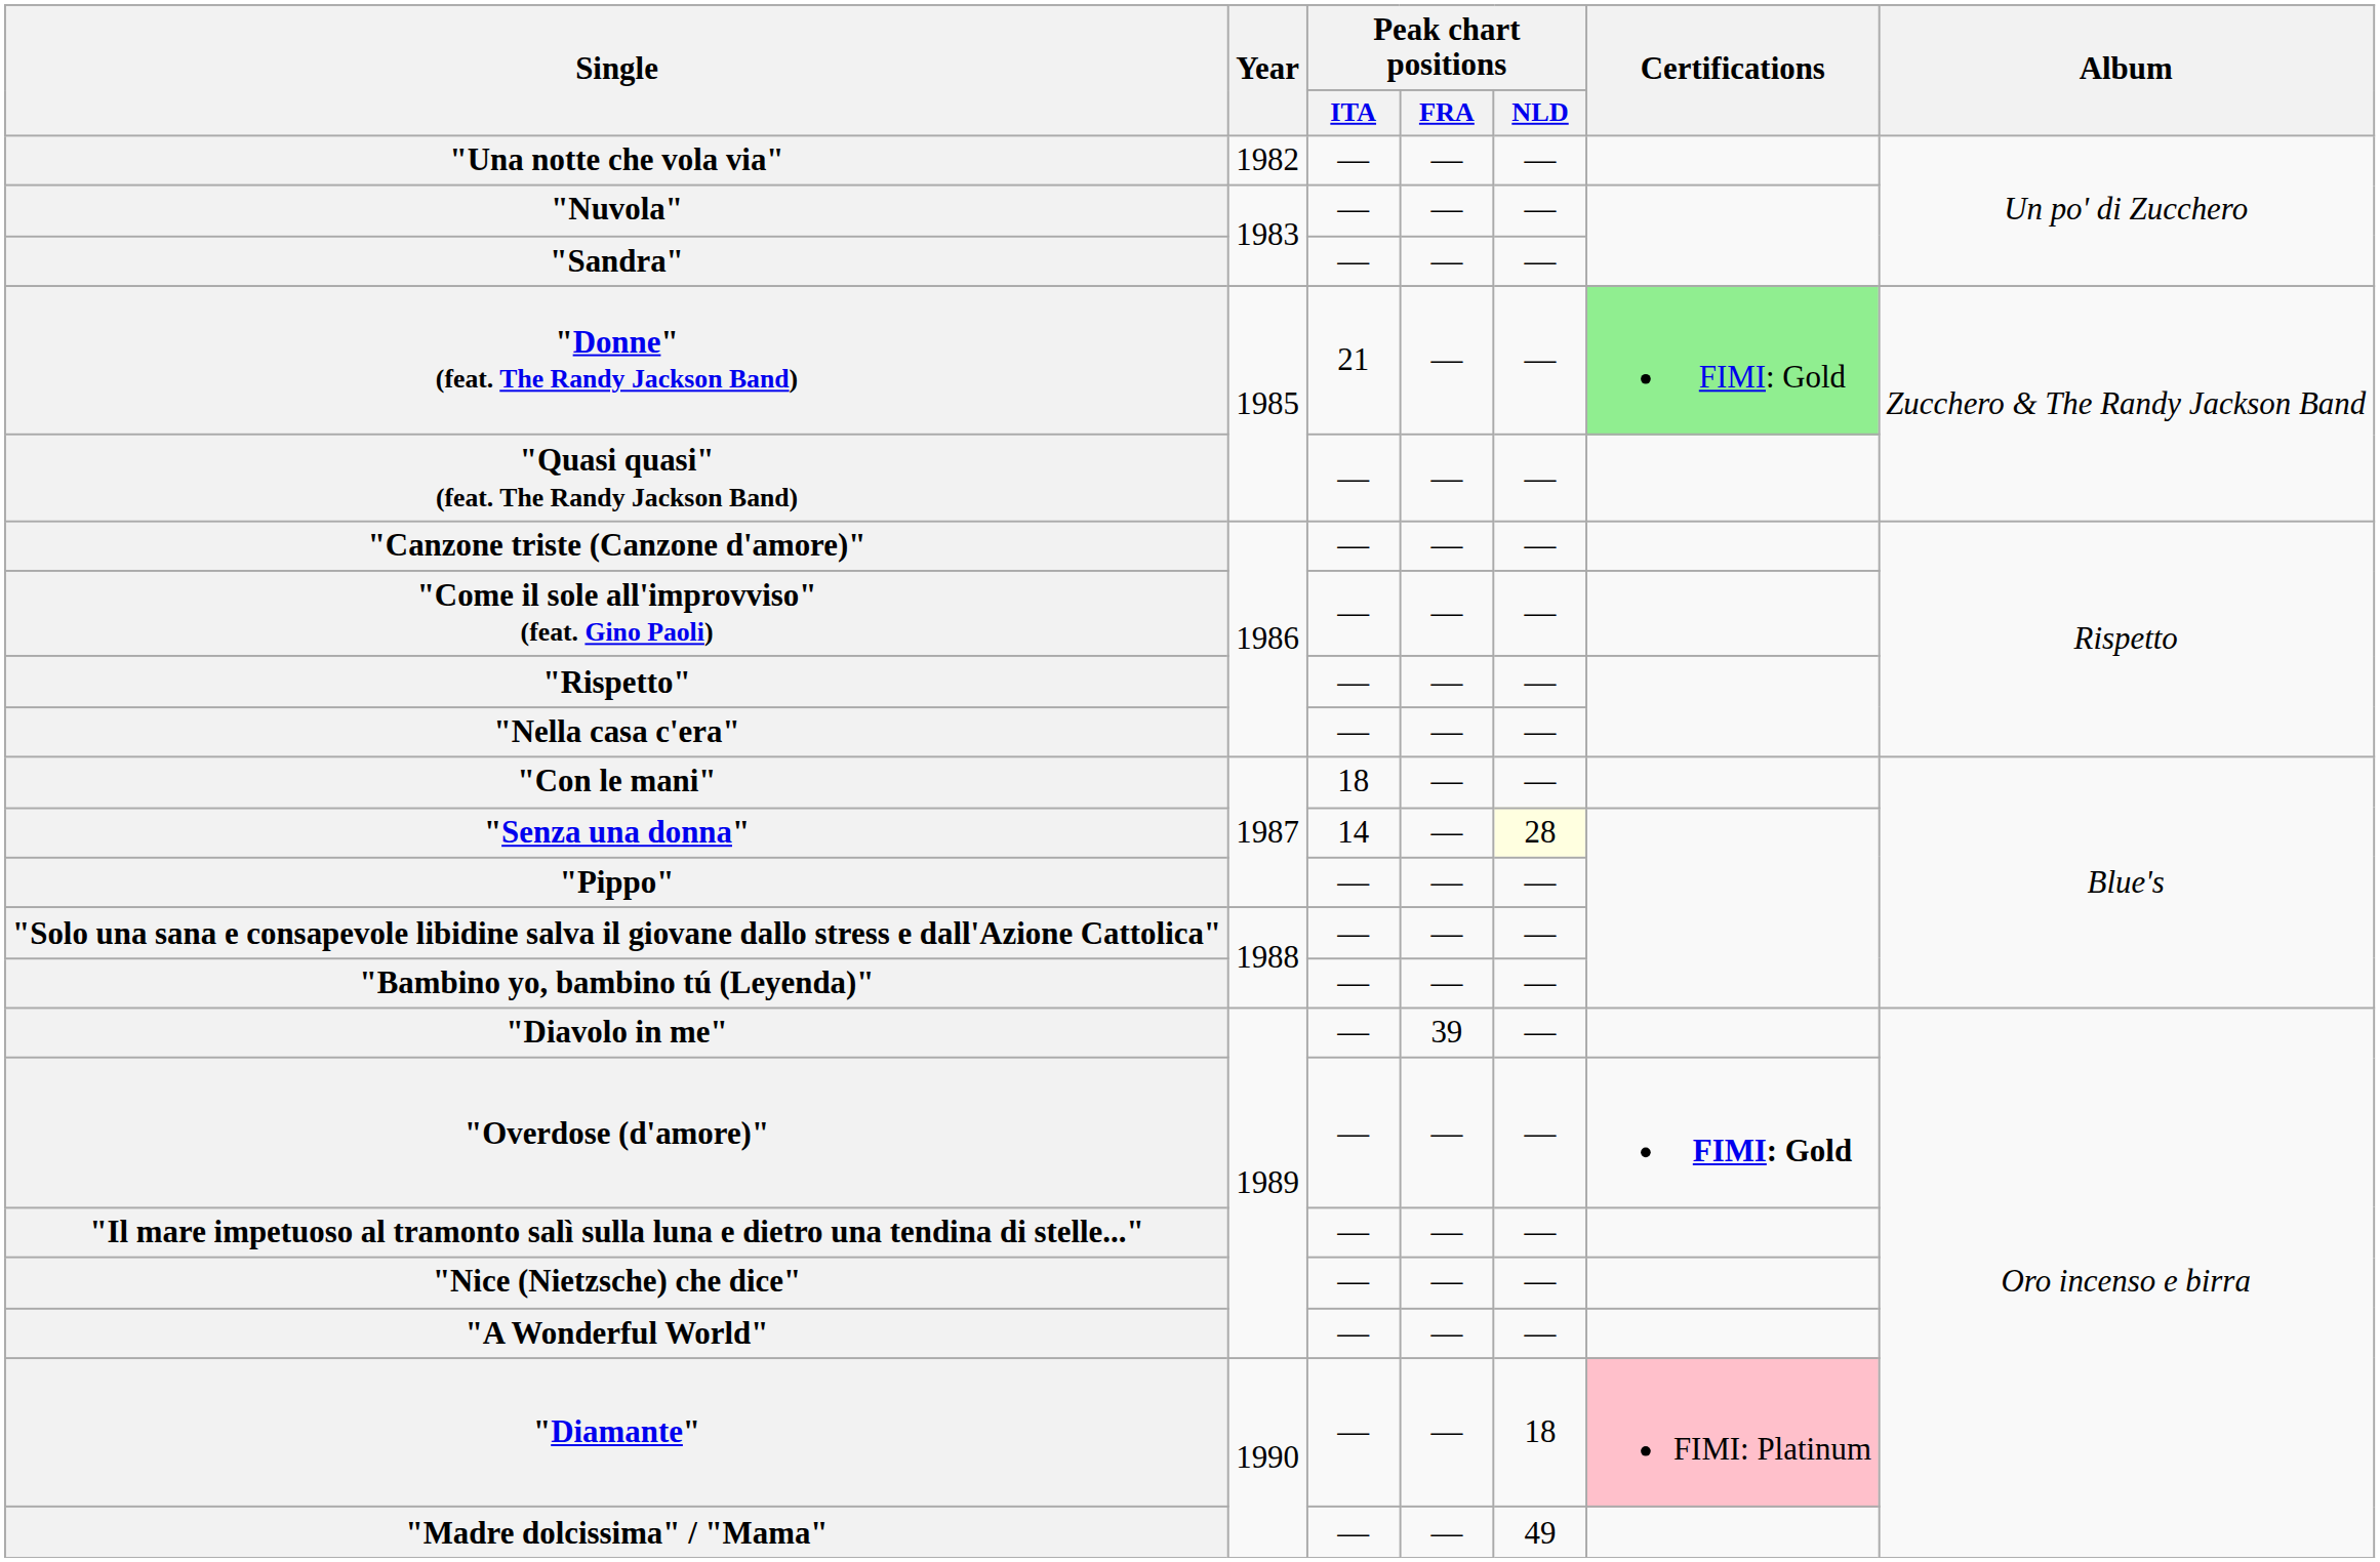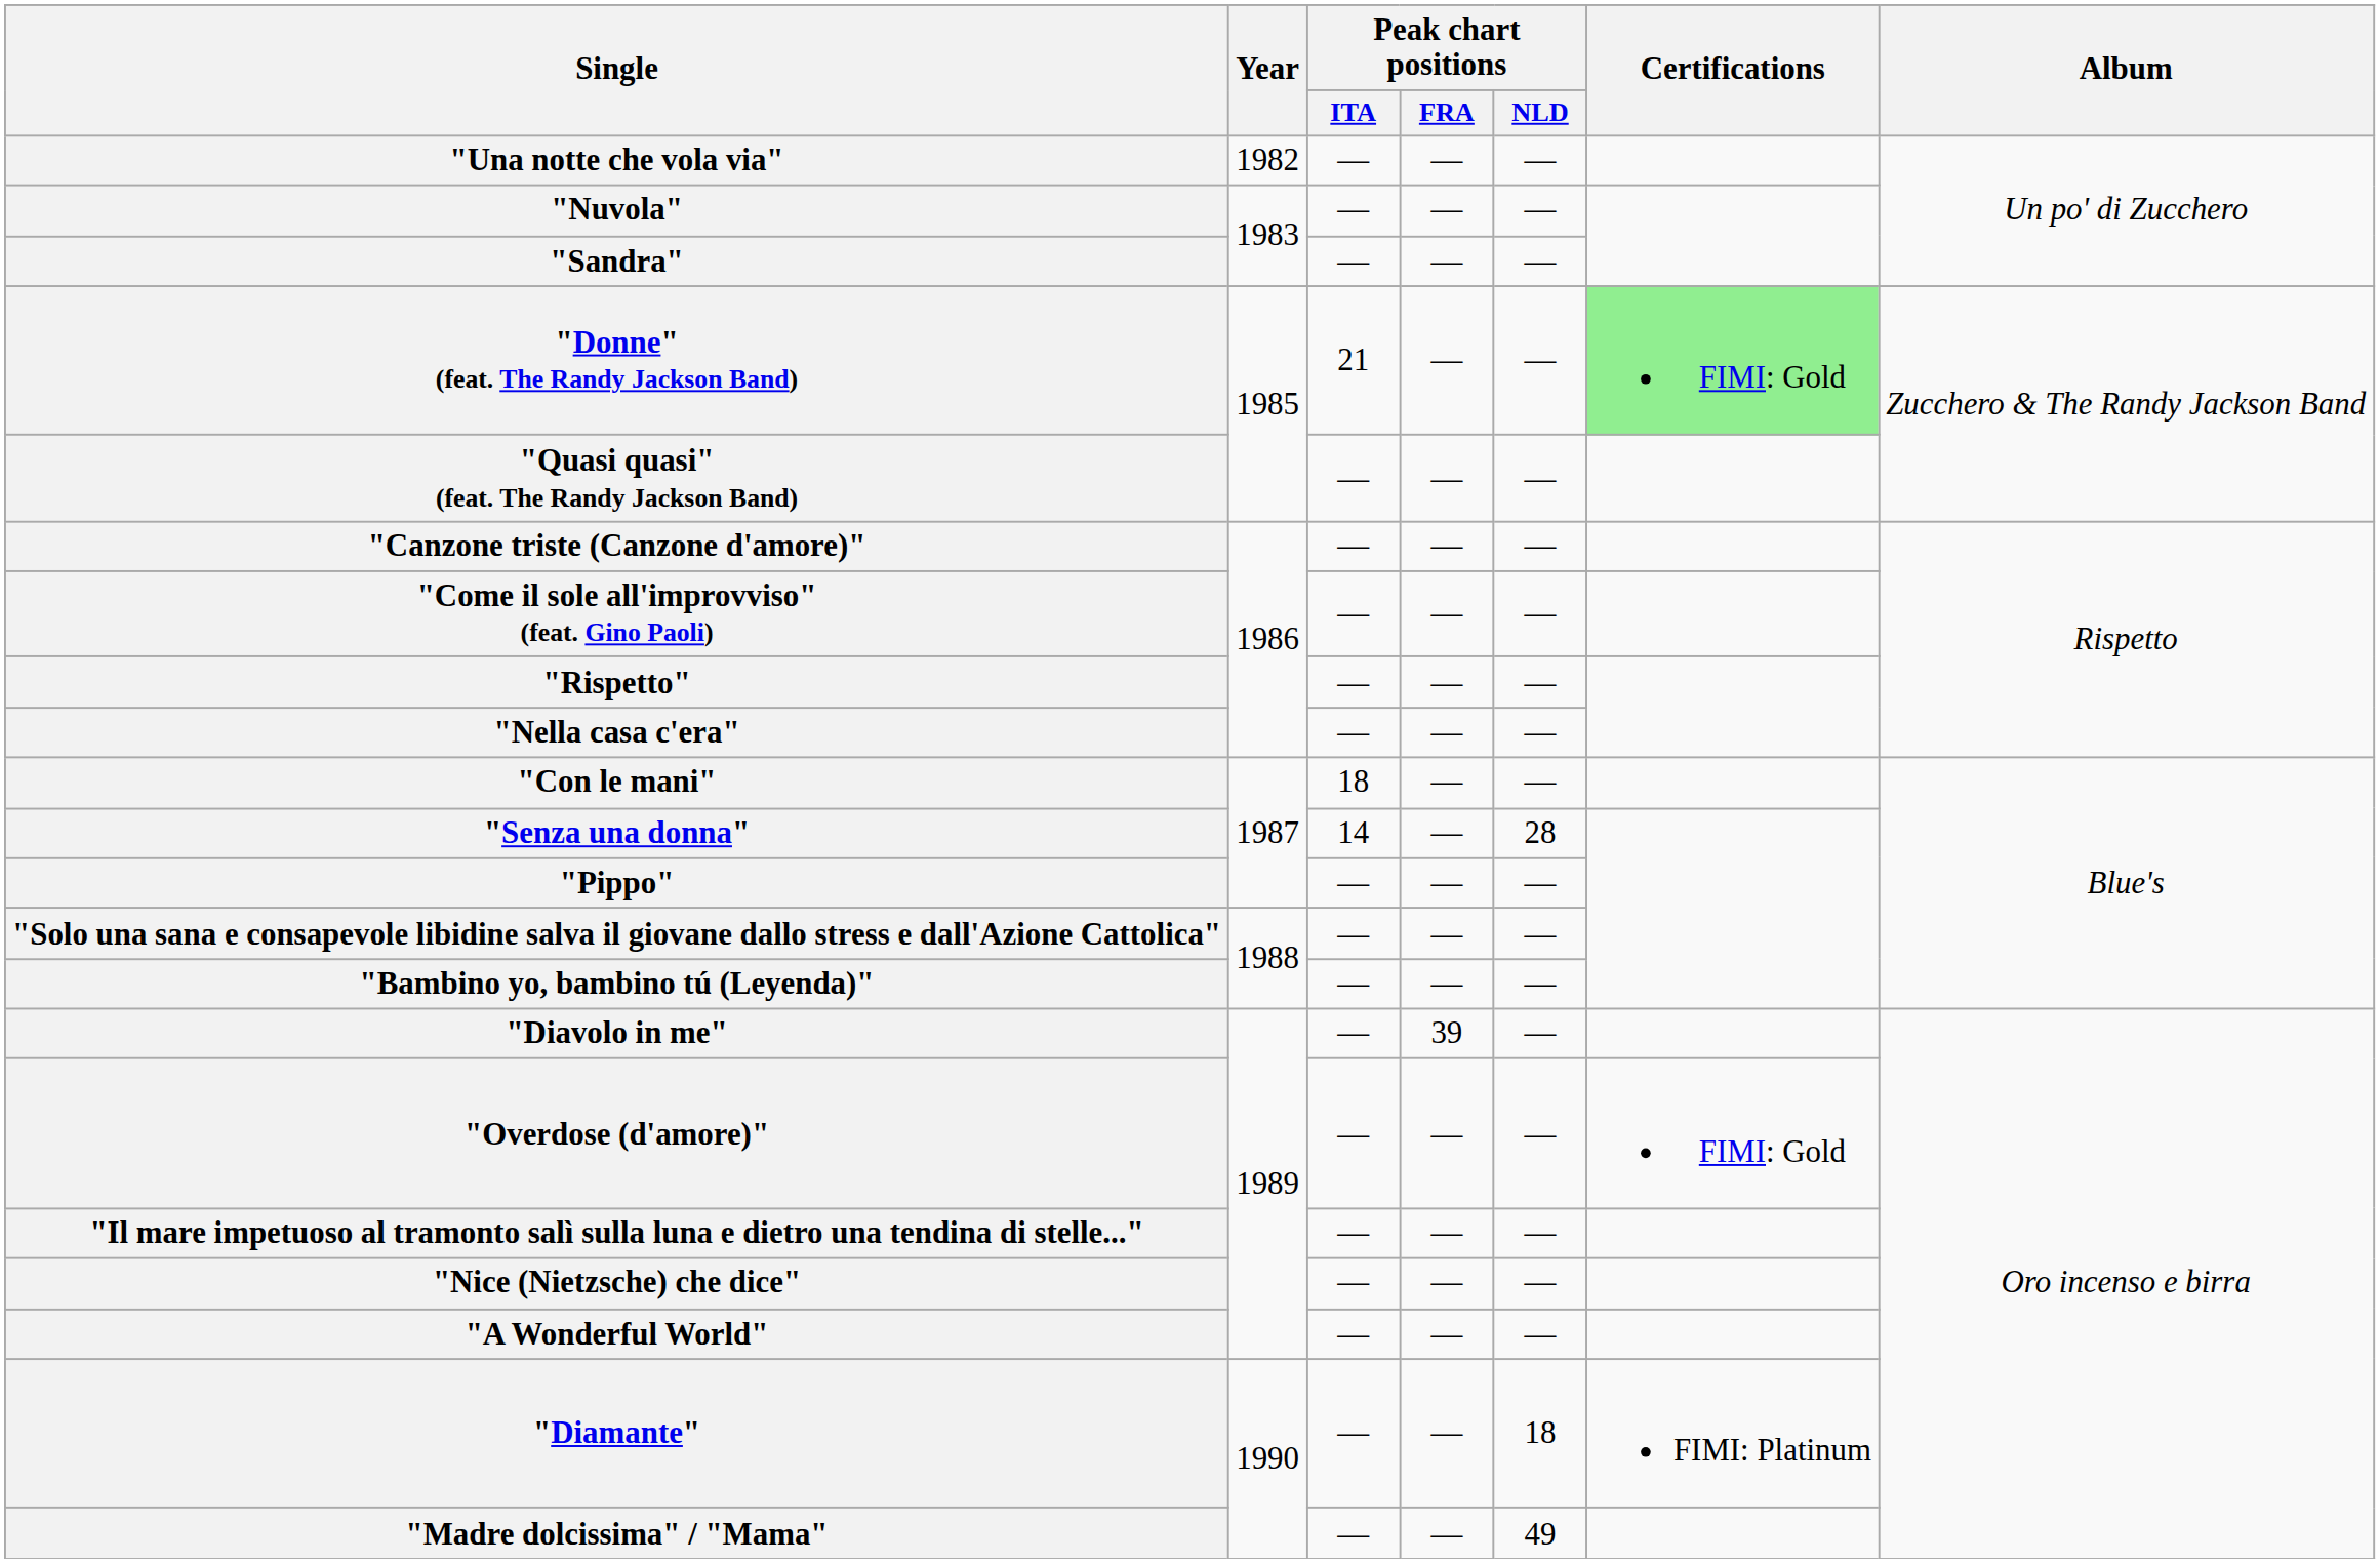 <table class="wikitable plainrowheaders" style="text-align:center;">
 <tr>
 <th scope="col" rowspan="2">Single</th>
 <th scope="col" rowspan="2">Year</th>
 <th scope="col" colspan="3">Peak chart positions</th>
 <th scope="col" rowspan="2">Certifications</th>
 <th scope="col" rowspan="2">Album</th>
 </tr>
 <tr>
 <th scope="col" style="width:3em;font-size:85%;"><a href='#'>ITA</a><br></th>
 <th scope="col" style="width:3em;font-size:85%;"><a href='#'>FRA</a><br></th>
 <th scope="col" style="width:3em;font-size:85%;"><a href='#'>NLD</a><br></th>
 </tr>
 <tr>
 <th scope="row">"Una notte che vola via"</th>
 <td>1982</td>
 <td>—</td>
 <td>—</td>
 <td>—</td>
 <td></td>
 <td rowspan="3"><em>Un po' di Zucchero</em></td>
 </tr>
 <tr>
 <th scope="row">"Nuvola"</th>
 <td rowspan="2">1983</td>
 <td>—</td>
 <td>—</td>
 <td>—</td>
 </tr>
 <tr>
 <th scope="row">"Sandra"</th>
 <td>—</td>
 <td>—</td>
 <td>—</td>
 </tr>
 <tr>
 <th scope="row">"<a href='#'>Donne</a>"<br><small>(feat. <a href='#'>The Randy Jackson Band</a>)</small></th>
 <td rowspan="2">1985</td>
 <td>21</td>
 <td>—</td>
 <td>—</td>
 <td style="background: lightgreen;"><br><ul><li><a href='#'>FIMI</a>: Gold</li></ul></td>
 <td rowspan="2"><em>Zucchero & The Randy Jackson Band</em></td>
 </tr>
 <tr>
 <th scope="row">"Quasi quasi"<br><small>(feat. The Randy Jackson Band)</small></th>
 <td>—</td>
 <td>—</td>
 <td>—</td>
 <td></td>
 </tr>
 <tr>
 <th scope="row">"Canzone triste (Canzone d'amore)"</th>
 <td rowspan="4">1986</td>
 <td>—</td>
 <td>—</td>
 <td>—</td>
 <td></td>
 <td rowspan="4"><em>Rispetto</em></td>
 </tr>
 <tr>
 <th scope="row">"Come il sole all'improvviso"<br><small>(feat. <a href='#'>Gino Paoli</a>)</small></th>
 <td>—</td>
 <td>—</td>
 <td>—</td>
 <td></td>
 </tr>
 <tr>
 <th scope="row">"Rispetto"</th>
 <td>—</td>
 <td>—</td>
 <td>—</td>
 </tr>
 <tr>
 <th scope="row">"Nella casa c'era"</th>
 <td>—</td>
 <td>—</td>
 <td>—</td>
 </tr>
 <tr>
 <th scope="row">"Con le mani"</th>
 <td rowspan="3">1987</td>
 <td>18</td>
 <td>—</td>
 <td>—</td>
 <td></td>
 <td rowspan="5"><em>Blue's</em></td>
 </tr>
 <tr>
 <th scope="row">"<a href='#'>Senza una donna</a>"</th>
 <td>14</td>
 <td>—</td>
-<td style="background: lightyellow;">28</td>
+<td>28</td>
 </tr>
 <tr>
 <th scope="row">"Pippo"</th>
 <td>—</td>
 <td>—</td>
 <td>—</td>
 </tr>
 <tr>
 <th scope="row">"Solo una sana e consapevole libidine salva il giovane dallo stress e dall'Azione Cattolica"</th>
 <td rowspan="2">1988</td>
 <td>—</td>
 <td>—</td>
 <td>—</td>
 </tr>
 <tr>
 <th scope="row">"Bambino yo, bambino tú (Leyenda)"</th>
 <td>—</td>
 <td>—</td>
 <td>—</td>
 </tr>
 <tr>
 <th scope="row">"Diavolo in me"</th>
 <td rowspan="5">1989</td>
 <td>—</td>
 <td>39</td>
 <td>—</td>
 <td></td>
 <td rowspan="7"><em>Oro incenso e birra</em></td>
 </tr>
 <tr>
 <th scope="row">"Overdose (d'amore)"</th>
 <td>—</td>
 <td>—</td>
 <td>—</td>
-<td><strong><br><ul><li><a href='#'>FIMI</a>: Gold</li></ul></strong></td>
+<td><br><ul><li><a href='#'>FIMI</a>: Gold</li></ul></td>
 </tr>
 <tr>
 <th scope="row">"Il mare impetuoso al tramonto salì sulla luna e dietro una tendina di stelle..."</th>
 <td>—</td>
 <td>—</td>
 <td>—</td>
 <td></td>
 </tr>
 <tr>
 <th scope="row">"Nice (Nietzsche) che dice"</th>
 <td>—</td>
 <td>—</td>
 <td>—</td>
 <td></td>
 </tr>
 <tr>
 <th scope="row">"A Wonderful World"</th>
 <td>—</td>
 <td>—</td>
 <td>—</td>
 <td></td>
 </tr>
 <tr>
 <th scope="row">"<a href='#'>Diamante</a>"</th>
 <td rowspan="2">1990</td>
 <td>—</td>
 <td>—</td>
 <td>18</td>
-<td style="background: pink;"><br><ul><li>FIMI: Platinum</li></ul></td>
+<td><br><ul><li>FIMI: Platinum</li></ul></td>
 </tr>
 <tr>
 <th scope="row">"Madre dolcissima" / "Mama"</th>
 <td>—</td>
 <td>—</td>
 <td>49</td>
 <td></td>
 </tr>
 </table>
